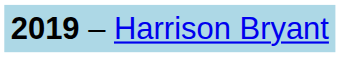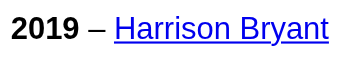 <table cellpadding="3" style="font-size:.9em">
 <tr>
 </tr>
 <tr>
 </tr>
 <tr style="vertical-align:top;">
-<td style="background: lightblue;"><strong>2019</strong> – <a href='#'>Harrison Bryant</a></td>
+<td><strong>2019</strong> – <a href='#'>Harrison Bryant</a></td>
 </tr>
 <tr>
 </tr>
 </table>
